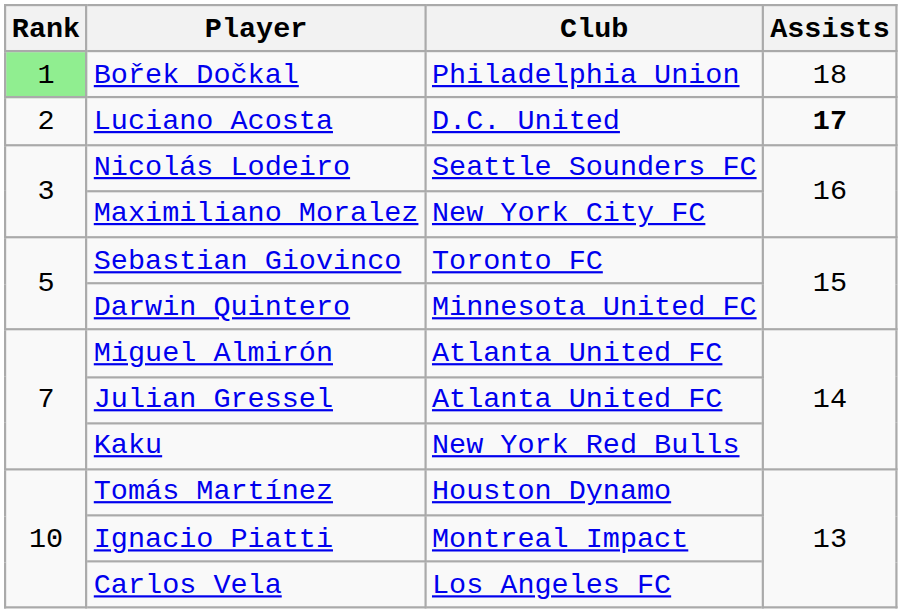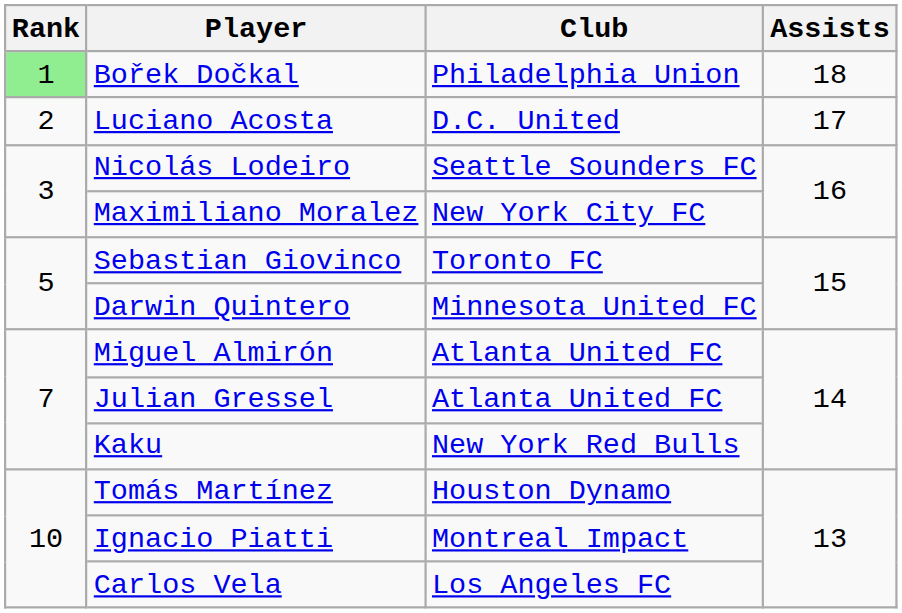 <table class="wikitable" style="text-align:center">
 <tr>
 <th>Rank</th>
 <th>Player</th>
 <th>Club</th>
 <th>Assists</th>
 </tr>
 <tr>
 <td style="background: lightgreen;">1</td>
 <td align="left"> <a href='#'>Bořek Dočkal</a></td>
 <td align="left"><a href='#'>Philadelphia Union</a></td>
 <td>18</td>
 </tr>
 <tr>
 <td>2</td>
 <td align="left"> <a href='#'>Luciano Acosta</a></td>
 <td align="left"><a href='#'>D.C. United</a></td>
-<td><strong>17</strong></td>
+<td>17</td>
 </tr>
 <tr>
 <td rowspan="2">3</td>
 <td align="left"> <a href='#'>Nicolás Lodeiro</a></td>
 <td align="left"><a href='#'>Seattle Sounders FC</a></td>
 <td rowspan="2">16</td>
 </tr>
 <tr>
 <td align="left"> <a href='#'>Maximiliano Moralez</a></td>
 <td align="left"><a href='#'>New York City FC</a></td>
 </tr>
 <tr>
 <td rowspan="2">5</td>
 <td align="left"> <a href='#'>Sebastian Giovinco</a></td>
 <td align="left"><a href='#'>Toronto FC</a></td>
 <td rowspan="2">15</td>
 </tr>
 <tr>
 <td align="left"> <a href='#'>Darwin Quintero</a></td>
 <td align="left"><a href='#'>Minnesota United FC</a></td>
 </tr>
 <tr>
 <td rowspan="3">7</td>
 <td align="left"> <a href='#'>Miguel Almirón</a></td>
 <td align="left"><a href='#'>Atlanta United FC</a></td>
 <td rowspan="3">14</td>
 </tr>
 <tr>
 <td align="left"> <a href='#'>Julian Gressel</a></td>
 <td align="left"><a href='#'>Atlanta United FC</a></td>
 </tr>
 <tr>
 <td align="left"> <a href='#'>Kaku</a></td>
 <td align="left"><a href='#'>New York Red Bulls</a></td>
 </tr>
 <tr>
 <td rowspan="3">10</td>
 <td align="left"> <a href='#'>Tomás Martínez</a></td>
 <td align="left"><a href='#'>Houston Dynamo</a></td>
 <td rowspan="3">13</td>
 </tr>
 <tr>
 <td align="left"> <a href='#'>Ignacio Piatti</a></td>
 <td align="left"><a href='#'>Montreal Impact</a></td>
 </tr>
 <tr>
 <td align="left"> <a href='#'>Carlos Vela</a></td>
 <td align="left"><a href='#'>Los Angeles FC</a></td>
 </tr>
 </table>
